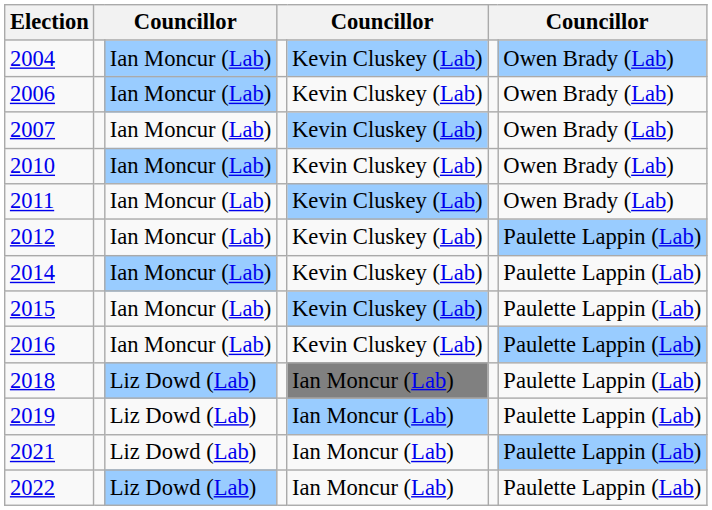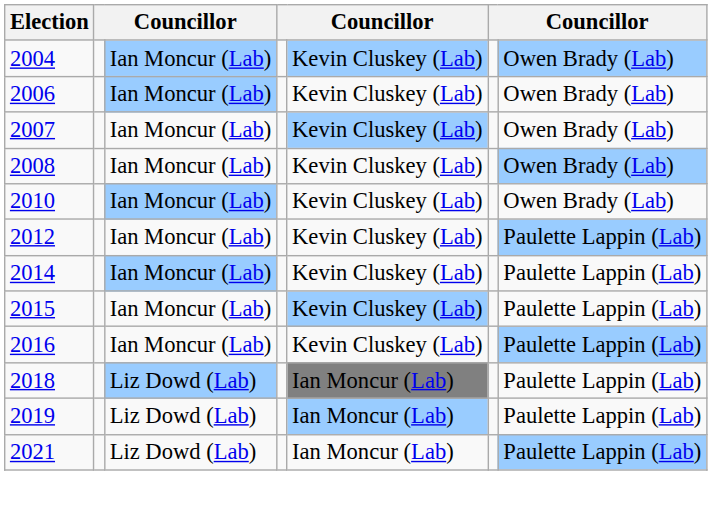 <table class="wikitable">
 <tr>
 <th>Election</th>
 <th colspan="2">Councillor</th>
 <th colspan="2">Councillor</th>
 <th colspan="2">Councillor</th>
 </tr>
 <tr>
 <td><a href='#'>2004</a></td>
 <td style="background-color: "></td>
 <td bgcolor="#99CCFF">Ian Moncur (<a href='#'>Lab</a>)</td>
 <td style="background-color: "></td>
 <td bgcolor="#99CCFF">Kevin Cluskey (<a href='#'>Lab</a>)</td>
 <td style="background-color: "></td>
 <td bgcolor="#99CCFF">Owen Brady (<a href='#'>Lab</a>)</td>
 </tr>
 <tr>
 <td><a href='#'>2006</a></td>
 <td style="background-color: "></td>
 <td bgcolor="#99CCFF">Ian Moncur (<a href='#'>Lab</a>)</td>
 <td style="background-color: "></td>
 <td>Kevin Cluskey (<a href='#'>Lab</a>)</td>
 <td style="background-color: "></td>
 <td>Owen Brady (<a href='#'>Lab</a>)</td>
 </tr>
 <tr>
 <td><a href='#'>2007</a></td>
 <td style="background-color: "></td>
 <td>Ian Moncur (<a href='#'>Lab</a>)</td>
 <td style="background-color: "></td>
 <td bgcolor="#99CCFF">Kevin Cluskey (<a href='#'>Lab</a>)</td>
 <td style="background-color: "></td>
 <td>Owen Brady (<a href='#'>Lab</a>)</td>
 </tr>
 <tr>
+<td><a href='#'>2008</a></td>
+<td style="background-color: "></td>
+<td>Ian Moncur (<a href='#'>Lab</a>)</td>
+<td style="background-color: "></td>
+<td>Kevin Cluskey (<a href='#'>Lab</a>)</td>
+<td style="background-color: "></td>
+<td bgcolor="#99CCFF">Owen Brady (<a href='#'>Lab</a>)</td>
+</tr>
+<tr>
 <td><a href='#'>2010</a></td>
 <td style="background-color: "></td>
 <td bgcolor="#99CCFF">Ian Moncur (<a href='#'>Lab</a>)</td>
 <td style="background-color: "></td>
 <td>Kevin Cluskey (<a href='#'>Lab</a>)</td>
-<td style="background-color: "></td>
-<td>Owen Brady (<a href='#'>Lab</a>)</td>
-</tr>
-<tr>
-<td><a href='#'>2011</a></td>
-<td style="background-color: "></td>
-<td>Ian Moncur (<a href='#'>Lab</a>)</td>
-<td style="background-color: "></td>
-<td bgcolor="#99CCFF">Kevin Cluskey (<a href='#'>Lab</a>)</td>
 <td style="background-color: "></td>
 <td>Owen Brady (<a href='#'>Lab</a>)</td>
 </tr>
 <tr>
 <td><a href='#'>2012</a></td>
 <td style="background-color: "></td>
 <td>Ian Moncur (<a href='#'>Lab</a>)</td>
 <td style="background-color: "></td>
 <td>Kevin Cluskey (<a href='#'>Lab</a>)</td>
 <td style="background-color: "></td>
 <td bgcolor="#99CCFF">Paulette Lappin (<a href='#'>Lab</a>)</td>
 </tr>
 <tr>
 <td><a href='#'>2014</a></td>
 <td style="background-color: "></td>
 <td bgcolor="#99CCFF">Ian Moncur (<a href='#'>Lab</a>)</td>
 <td style="background-color: "></td>
 <td>Kevin Cluskey (<a href='#'>Lab</a>)</td>
 <td style="background-color: "></td>
 <td>Paulette Lappin (<a href='#'>Lab</a>)</td>
 </tr>
 <tr>
 <td><a href='#'>2015</a></td>
 <td style="background-color: "></td>
 <td>Ian Moncur (<a href='#'>Lab</a>)</td>
 <td style="background-color: "></td>
 <td bgcolor="#99CCFF">Kevin Cluskey (<a href='#'>Lab</a>)</td>
 <td style="background-color: "></td>
 <td>Paulette Lappin (<a href='#'>Lab</a>)</td>
 </tr>
 <tr>
 <td><a href='#'>2016</a></td>
 <td style="background-color: "></td>
 <td>Ian Moncur (<a href='#'>Lab</a>)</td>
 <td style="background-color: "></td>
 <td>Kevin Cluskey (<a href='#'>Lab</a>)</td>
 <td style="background-color: "></td>
 <td bgcolor="#99CCFF">Paulette Lappin (<a href='#'>Lab</a>)</td>
 </tr>
 <tr>
 <td><a href='#'>2018</a></td>
 <td style="background-color: "></td>
 <td bgcolor="#99CCFF">Liz Dowd (<a href='#'>Lab</a>)</td>
 <td style="background-color: "></td>
 <td bgcolor="#808080">Ian Moncur (<a href='#'>Lab</a>)</td>
 <td style="background-color: "></td>
 <td>Paulette Lappin (<a href='#'>Lab</a>)</td>
 </tr>
 <tr>
 <td><a href='#'>2019</a></td>
 <td style="background-color: "></td>
 <td>Liz Dowd (<a href='#'>Lab</a>)</td>
 <td style="background-color: "></td>
 <td bgcolor="#99CCFF">Ian Moncur (<a href='#'>Lab</a>)</td>
 <td style="background-color: "></td>
 <td>Paulette Lappin (<a href='#'>Lab</a>)</td>
 </tr>
 <tr>
 <td><a href='#'>2021</a></td>
 <td style="background-color: "></td>
 <td>Liz Dowd (<a href='#'>Lab</a>)</td>
 <td style="background-color: "></td>
 <td>Ian Moncur (<a href='#'>Lab</a>)</td>
 <td style="background-color: "></td>
 <td bgcolor="#99CCFF">Paulette Lappin (<a href='#'>Lab</a>)</td>
 </tr>
-<tr>
-<td><a href='#'>2022</a></td>
-<td style="background-color: "></td>
-<td bgcolor="#99CCFF">Liz Dowd (<a href='#'>Lab</a>)</td>
-<td style="background-color: "></td>
-<td>Ian Moncur (<a href='#'>Lab</a>)</td>
-<td style="background-color: "></td>
-<td>Paulette Lappin (<a href='#'>Lab</a>)</td>
-</tr>
 </table>
